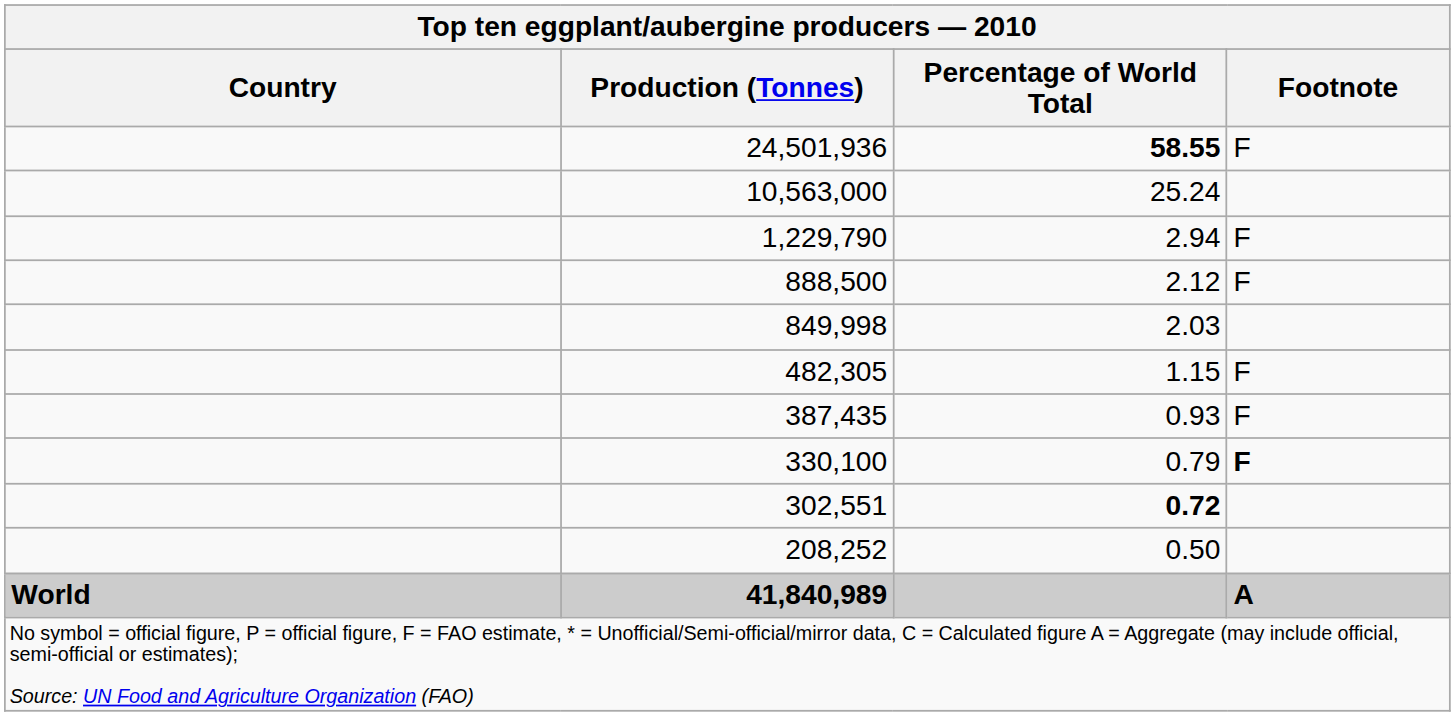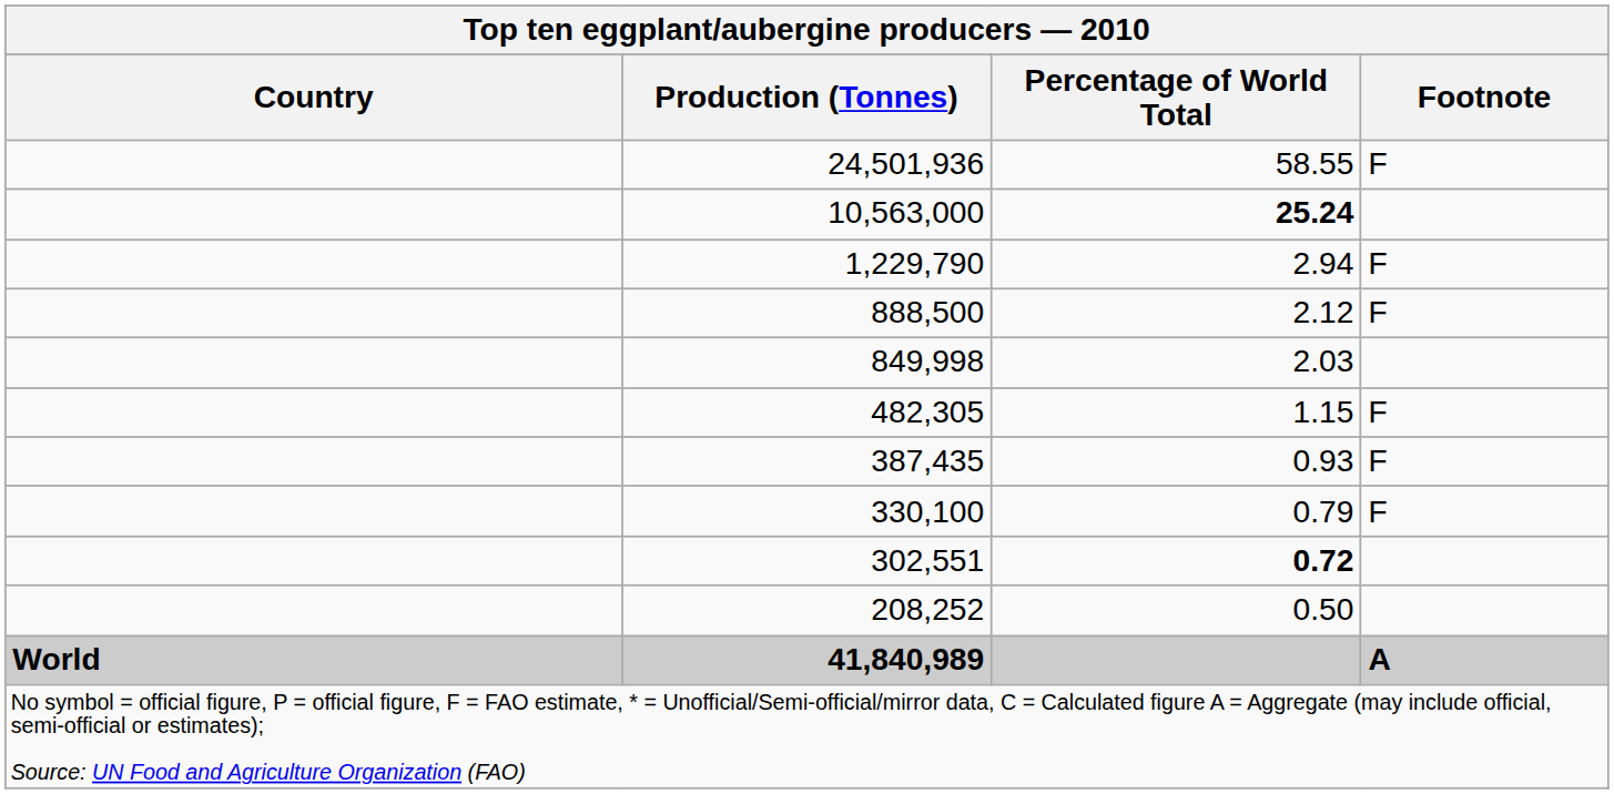 <table class="wikitable" width="65%" align=left style="clear:left">
 <tr>
 <th colspan=5>Top ten eggplant/aubergine producers —  2010</th>
 </tr>
 <tr>
 <th bgcolor="#DDDDFF" width="25%">Country</th>
 <th bgcolor="#DDDDFF" width="15%">Production (<a href='#'>Tonnes</a>)</th>
 <th bgcolor="#DDDDFF" width="15%">Percentage of World Total</th>
 <th bgcolor="#DDDDFF" width="10%">Footnote</th>
 </tr>
 <tr>
 <td></td>
 <td align=right>24,501,936</td>
-<td align=right><strong>58.55</strong></td>
+<td align=right>58.55</td>
 <td>F</td>
 </tr>
 <tr>
 <td></td>
 <td align=right>10,563,000</td>
-<td align=right>25.24</td>
+<td align=right><strong>25.24</strong></td>
 <td></td>
 </tr>
 <tr>
 <td></td>
 <td align=right>1,229,790</td>
 <td align=right>2.94</td>
 <td>F</td>
 </tr>
 <tr>
 <td></td>
 <td align=right>888,500</td>
 <td align=right>2.12</td>
 <td>F</td>
 </tr>
 <tr>
 <td></td>
 <td align=right>849,998</td>
 <td align=right>2.03</td>
 <td></td>
 </tr>
 <tr>
 <td></td>
 <td align=right>482,305</td>
 <td align=right>1.15</td>
 <td>F</td>
 </tr>
 <tr>
 <td></td>
 <td align=right>387,435</td>
 <td align=right>0.93</td>
 <td>F</td>
 </tr>
 <tr>
 <td></td>
 <td align=right>330,100</td>
 <td align=right>0.79</td>
-<td><strong>F</strong></td>
+<td>F</td>
 </tr>
 <tr>
 <td></td>
 <td align=right>302,551</td>
 <td align=right><strong>0.72</strong></td>
 <td></td>
 </tr>
 <tr>
 <td></td>
 <td align=right>208,252</td>
 <td align=right>0.50</td>
 <td></td>
 </tr>
 <tr>
 <td bgcolor=#cccccc><strong>World</strong></td>
 <td bgcolor=#cccccc align=right><strong>41,840,989</strong></td>
 <td bgcolor=#cccccc align=right></td>
 <td bgcolor=#cccccc align=left><strong>A</strong></td>
 </tr>
 <tr>
 <td colspan=5 style="font-size:.7em">No symbol = official figure, P = official figure, F = FAO estimate, * = Unofficial/Semi-official/mirror data, C = Calculated figure A = Aggregate (may include official, semi-official or estimates);<br><br><em>Source: <a href='#'>UN Food and Agriculture Organization</a> (FAO)</em></td>
 </tr>
 </table>
